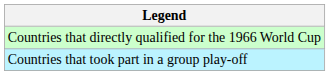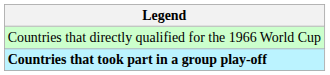 <table class="wikitable">
 <tr>
 <th>Legend</th>
 </tr>
 <tr bgcolor=#ccffcc>
 <td>Countries that directly qualified for the 1966 World Cup</td>
 </tr>
 <tr bgcolor=#BBF3FF>
-<td>Countries that took part in a group play-off</td>
+<td><strong>Countries that took part in a group play-off</strong></td>
 </tr>
 </table>
